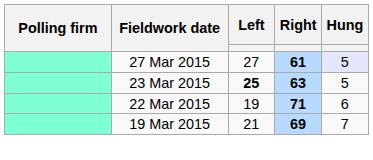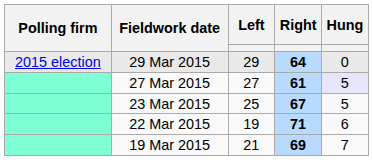 <table class="wikitable sortable" style="text-align:center;font-size:90%;line-height:14px;">
 <tr style="height:40px;">
 <th style="width:100px;" rowspan="2">Polling firm</th>
 <th style="width:110px;" rowspan="2">Fieldwork date</th>
 <th class="unsortable" style="width:40px;">Left</th>
 <th class="unsortable" style="width:40px;">Right</th>
 <th class="unsortable" style="width:40px;">Hung</th>
 </tr>
 <tr>
 <th style="background:"></th>
 <th style="background:"></th>
 <th style="background:"></th>
 </tr>
+<tr style="background:#E9E9E9;">
+<td><a href='#'>2015 election</a></td>
+<td data-sort-value="2015-03-29">29 Mar 2015</td>
+<td>29</td>
+<td style="background:#B9DAFF;"><strong>64</strong></td>
+<td>0</td>
+</tr>
 <tr>
 <td style="background:aquamarine;"></td>
 <td data-sort-value="2015-03-27">27 Mar 2015</td>
 <td>27</td>
 <td style="background:#B9DAFF;"><strong>61</strong></td>
 <td style="background: lavender;">5</td>
 </tr>
 <tr>
 <td style="background:aquamarine;"></td>
 <td data-sort-value="2015-03-23">23 Mar 2015</td>
-<td><strong>25</strong></td>
-<td style="background:#B9DAFF;"><strong>63</strong></td>
+<td>25</td>
+<td style="background:#B9DAFF;"><strong>67</strong></td>
 <td>5</td>
 </tr>
 <tr>
 <td style="background:aquamarine;"></td>
 <td data-sort-value="2015-03-22">22 Mar 2015</td>
 <td>19</td>
 <td style="background:#B9DAFF;"><strong>71</strong></td>
 <td>6</td>
 </tr>
 <tr>
 <td style="background:aquamarine;"></td>
 <td data-sort-value="2015-03-19">19 Mar 2015</td>
 <td>21</td>
 <td style="background:#B9DAFF;"><strong>69</strong></td>
 <td>7</td>
 </tr>
 </table>
